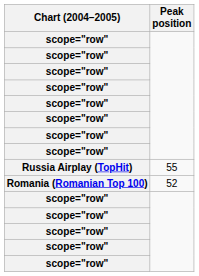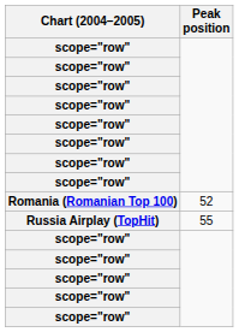 <table class="wikitable sortable plainrowheaders" style="text-align:center">
 <tr>
 <th scope="col">Chart (2004–2005)</th>
 <th scope="col">Peak<br>position</th>
 </tr>
 <tr>
 <th>scope="row" </th>
 </tr>
 <tr>
 <th>scope="row" </th>
 </tr>
 <tr>
 <th>scope="row" </th>
 </tr>
 <tr>
 <th>scope="row" </th>
 </tr>
 <tr>
 <th>scope="row" </th>
 </tr>
 <tr>
 <th>scope="row" </th>
 </tr>
 <tr>
 <th>scope="row" </th>
 </tr>
 <tr>
 <th>scope="row" </th>
 </tr>
 <tr>
+<th scope="row">Romania (<a href='#'>Romanian Top 100</a>)</th>
+<td>52</td>
+</tr>
+<tr>
 <th scope="row">Russia Airplay (<a href='#'>TopHit</a>)</th>
 <td>55</td>
-</tr>
-<tr>
-<th scope="row">Romania (<a href='#'>Romanian Top 100</a>)</th>
-<td>52</td>
 </tr>
 <tr>
 <th>scope="row" </th>
 </tr>
 <tr>
 <th>scope="row" </th>
 </tr>
 <tr>
 <th>scope="row" </th>
 </tr>
 <tr>
 <th>scope="row" </th>
 </tr>
 <tr>
 <th>scope="row" </th>
 </tr>
 </table>
